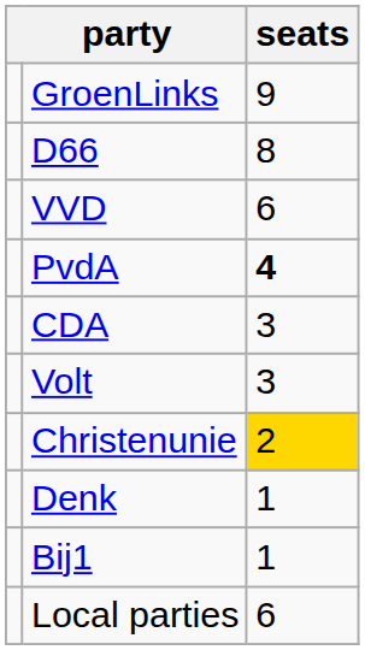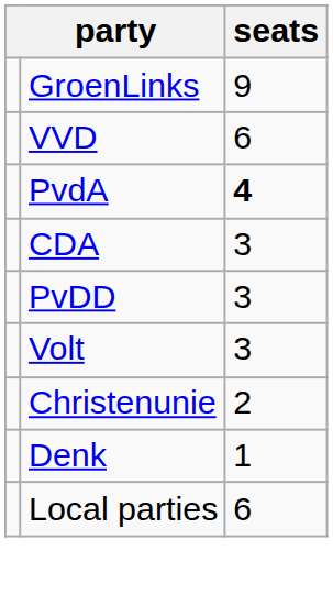 <table class="wikitable">
 <tr>
 <th colspan=2>party</th>
 <th>seats</th>
 </tr>
 <tr>
 <td style="color:inherit;background:"></td>
 <td><a href='#'>GroenLinks</a></td>
 <td>9</td>
-</tr>
-<tr>
-<td style="color:inherit;background:"></td>
-<td><a href='#'>D66</a></td>
-<td>8</td>
 </tr>
 <tr>
 <td style="color:inherit;background:"></td>
 <td><a href='#'>VVD</a></td>
 <td>6</td>
 </tr>
 <tr>
 <td style="color:inherit;background:"></td>
 <td><a href='#'>PvdA</a></td>
 <td><strong>4</strong></td>
 </tr>
 <tr>
 <td style="color:inherit;background:"></td>
 <td><a href='#'>CDA</a></td>
 <td>3</td>
 </tr>
 <tr>
 <td style="color:inherit;background:"></td>
+<td><a href='#'>PvDD</a></td>
+<td>3</td>
+</tr>
+<tr>
+<td style="color:inherit;background:"></td>
 <td><a href='#'>Volt</a></td>
 <td>3</td>
 </tr>
 <tr>
 <td style="color:inherit;background:"></td>
 <td><a href='#'>Christenunie</a></td>
-<td style="background: gold;">2</td>
+<td>2</td>
 </tr>
 <tr>
 <td style="color:inherit;background:"></td>
 <td><a href='#'>Denk</a></td>
-<td>1</td>
-</tr>
-<tr>
-<td style="color:inherit;background:"></td>
-<td><a href='#'>Bij1</a></td>
 <td>1</td>
 </tr>
 <tr>
 <td bgcolor=""></td>
 <td>Local parties</td>
 <td>6</td>
 </tr>
 </table>
